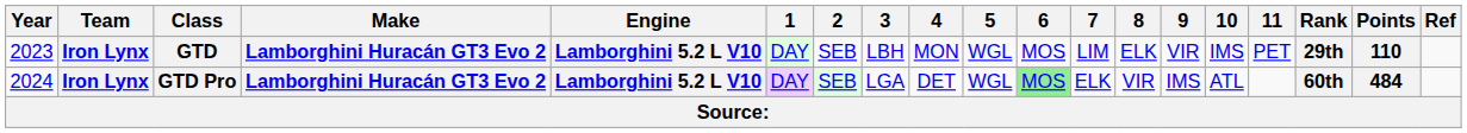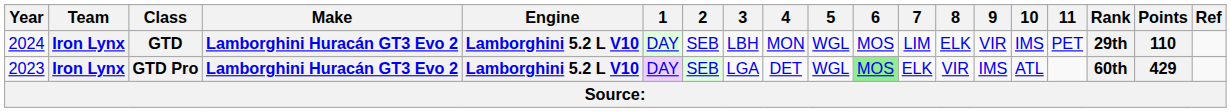 <table class="wikitable" style="text-align:center; font-size:90%">
 <tr>
 <th>Year</th>
 <th>Team</th>
 <th>Class</th>
 <th>Make</th>
 <th>Engine</th>
 <th>1</th>
 <th>2</th>
 <th>3</th>
 <th>4</th>
 <th>5</th>
 <th>6</th>
 <th>7</th>
 <th>8</th>
 <th>9</th>
 <th>10</th>
 <th>11</th>
 <th>Rank</th>
 <th>Points</th>
 <th>Ref</th>
 </tr>
 <tr>
-<td><a href='#'>2023</a></td>
+<td><a href='#'>2024</a></td>
 <th><a href='#'>Iron Lynx</a></th>
 <th>GTD</th>
 <th><a href='#'>Lamborghini Huracán GT3 Evo 2</a></th>
 <th><a href='#'>Lamborghini</a> 5.2 L <a href='#'>V10</a></th>
 <td style="background:#DFFFDF;"><a href='#'>DAY</a><br></td>
 <td style="background:#;”"><a href='#'>SEB</a><br></td>
 <td style="background:#;”"><a href='#'>LBH</a><br></td>
 <td style="background:#;”"><a href='#'>MON</a><br></td>
 <td style="background:#;”"><a href='#'>WGL</a><br></td>
 <td style="background:#;”"><a href='#'>MOS</a><br></td>
 <td style="background:#;”"><a href='#'>LIM</a><br></td>
 <td style="background:#;”"><a href='#'>ELK</a><br></td>
 <td style="background:#;”"><a href='#'>VIR</a><br></td>
 <td style="background:#;”"><a href='#'>IMS</a><br></td>
 <td style="background:#;”"><a href='#'>PET</a><br></td>
 <th>29th</th>
 <th>110</th>
 <td></td>
 </tr>
 <tr>
-<td><a href='#'>2024</a></td>
+<td><a href='#'>2023</a></td>
 <th><a href='#'>Iron Lynx</a></th>
 <th>GTD Pro</th>
 <th><a href='#'>Lamborghini Huracán GT3 Evo 2</a></th>
 <th><a href='#'>Lamborghini</a> 5.2 L <a href='#'>V10</a></th>
 <td style="background:#EFCFFF;"><a href='#'>DAY</a><br></td>
 <td style="background:#DFFFDF;"><a href='#'>SEB</a><br></td>
 <td><a href='#'>LGA</a></td>
 <td><a href='#'>DET</a></td>
 <td><a href='#'>WGL</a></td>
 <td style="background: lightgreen;"><a href='#'>MOS</a></td>
 <td><a href='#'>ELK</a></td>
 <td><a href='#'>VIR</a></td>
 <td><a href='#'>IMS</a></td>
 <td><a href='#'>ATL</a></td>
 <td></td>
 <th>60th</th>
-<th>484</th>
+<th>429</th>
 <td></td>
 </tr>
 <tr>
 <th colspan="19">Source:</th>
 </tr>
 </table>
